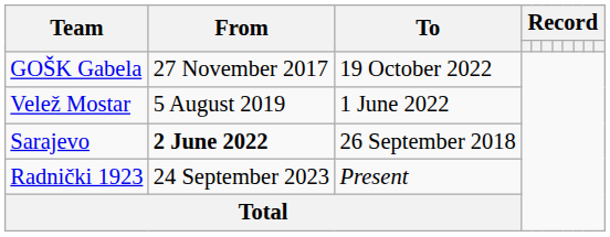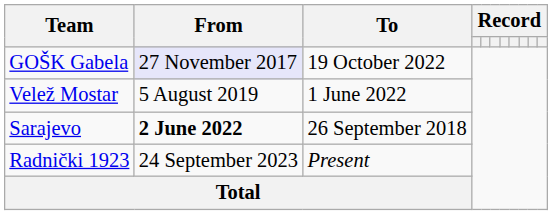 <table class="wikitable" tyle="text-align: center">
 <tr>
 <th rowspan="2">Team</th>
 <th rowspan="2">From</th>
 <th rowspan="2">To</th>
 <th colspan="8">Record</th>
 </tr>
 <tr>
 <th></th>
 <th></th>
 <th></th>
 <th></th>
 <th></th>
 <th></th>
 <th></th>
 <th></th>
 </tr>
 <tr>
 <td align="left"><a href='#'>GOŠK Gabela</a></td>
-<td align="left">27 November 2017</td>
+<td align="left" style="background: lavender;">27 November 2017</td>
 <td align="left">19 October 2022<br></td>
 </tr>
 <tr>
 <td align="left"><a href='#'>Velež Mostar</a></td>
 <td align="left">5 August 2019</td>
 <td align="left">1 June 2022<br></td>
 </tr>
 <tr>
 <td align="left"><a href='#'>Sarajevo</a></td>
 <td align="left"><strong>2 June 2022</strong></td>
 <td align="left">26 September 2018<br></td>
 </tr>
 <tr>
 <td align="left"><a href='#'>Radnički 1923</a></td>
 <td align="left">24 September 2023</td>
 <td align="left"><em>Present</em><br></td>
 </tr>
 <tr>
 <th colspan="3">Total<br></th>
 </tr>
 </table>
